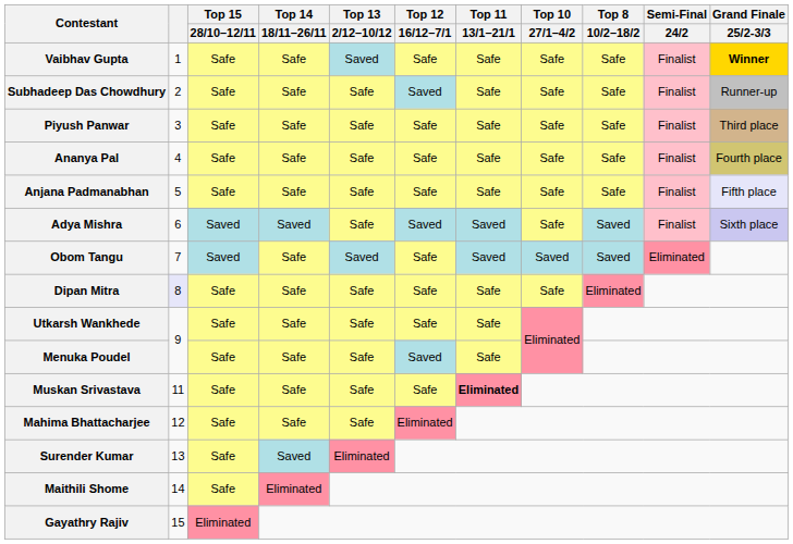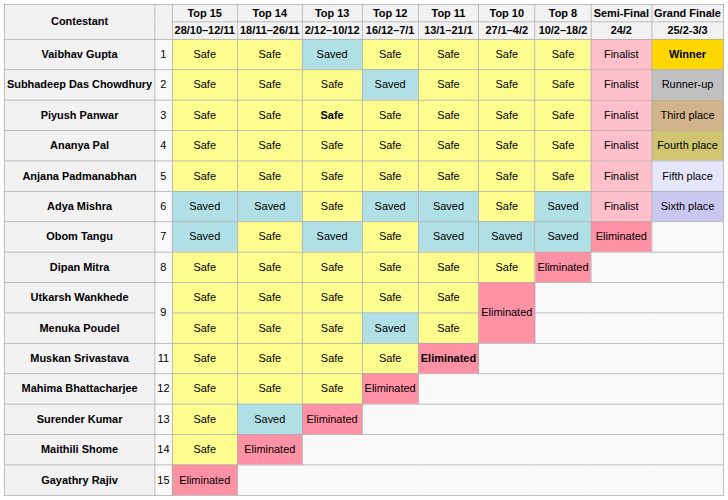 <table class="wikitable" style="text-align:center; font-size:90%;">
 <tr>
 <th rowspan="2" scope="col">Contestant</th>
 <th rowspan="2" scope="col"></th>
 <th scope="col">Top 15</th>
 <th>Top 14</th>
 <th>Top 13</th>
 <th>Top 12</th>
 <th>Top 11</th>
 <th>Top 10</th>
 <th>Top 8</th>
 <th>Semi-Final</th>
 <th>Grand Finale</th>
 </tr>
 <tr>
 <th>28/10–12/11</th>
 <th>18/11–26/11</th>
 <th>2/12–10/12</th>
 <th>16/12–7/1</th>
 <th>13/1–21/1</th>
 <th>27/1–4/2</th>
 <th>10/2–18/2</th>
 <th>24/2</th>
 <th>25/2-3/3</th>
 </tr>
 <tr style="height:40px">
 <th scope="row">Vaibhav Gupta</th>
 <td>1</td>
 <td style="background:#FDFC8F;">Safe</td>
 <td style="background:#FDFC8F;">Safe</td>
 <td style="background:#B0E0E6;">Saved</td>
 <td style="background:#FDFC8F;">Safe</td>
 <td style="background:#FDFC8F;">Safe</td>
 <td style="background:#FDFC8F;">Safe</td>
 <td style="background:#FDFC8F;">Safe</td>
 <td Bgcolor=pink>Finalist</td>
 <td Bgcolor=gold><strong>Winner</strong></td>
 </tr>
 <tr style="height:40px">
 <th scope="row">Subhadeep Das Chowdhury</th>
 <td>2</td>
 <td style="background:#FDFC8F;">Safe</td>
 <td style="background:#FDFC8F;">Safe</td>
 <td style="background:#FDFC8F;">Safe</td>
 <td style="background:#B0E0E6;">Saved</td>
 <td style="background:#FDFC8F;">Safe</td>
 <td style="background:#FDFC8F;">Safe</td>
 <td style="background:#FDFC8F;">Safe</td>
 <td Bgcolor=pink>Finalist</td>
 <td Bgcolor=silver>Runner-up</td>
 </tr>
 <tr style="height:40px">
 <th scope="row">Piyush Panwar</th>
 <td>3</td>
 <td style="background:#FDFC8F;">Safe</td>
 <td style="background:#FDFC8F;">Safe</td>
-<td style="background:#FDFC8F;">Safe</td>
+<td style="background:#FDFC8F;"><strong>Safe</strong></td>
 <td style="background:#FDFC8F;">Safe</td>
 <td style="background:#FDFC8F;">Safe</td>
 <td style="background:#FDFC8F;">Safe</td>
 <td style="background:#FDFC8F;">Safe</td>
 <td Bgcolor=pink>Finalist</td>
 <td Bgcolor=tan>Third place</td>
 </tr>
 <tr style="height:40px">
 <th scope="row">Ananya Pal</th>
 <td>4</td>
 <td style="background:#FDFC8F;">Safe</td>
 <td style="background:#FDFC8F;">Safe</td>
 <td style="background:#FDFC8F;">Safe</td>
 <td style="background:#FDFC8F;">Safe</td>
 <td style="background:#FDFC8F;">Safe</td>
 <td style="background:#FDFC8F;">Safe</td>
 <td style="background:#FDFC8F;">Safe</td>
 <td Bgcolor=pink>Finalist</td>
 <td style="background:#d1c571">Fourth place</td>
 </tr>
 <tr style="height:40px">
 <th scope="row">Anjana Padmanabhan</th>
 <td>5</td>
 <td style="background:#FDFC8F;">Safe</td>
 <td style="background:#FDFC8F;">Safe</td>
 <td style="background:#FDFC8F;">Safe</td>
 <td style="background:#FDFC8F;">Safe</td>
 <td style="background:#FDFC8F;">Safe</td>
 <td style="background:#FDFC8F;">Safe</td>
 <td style="background:#FDFC8F;">Safe</td>
 <td Bgcolor=pink>Finalist</td>
 <td style="background:#E6E6FA">Fifth place</td>
 </tr>
 <tr style="height:40px">
 <th scope="row">Adya Mishra</th>
 <td>6</td>
 <td style="background:#B0E0E6;">Saved</td>
 <td style="background:#B0E0E6;">Saved</td>
 <td style="background:#FDFC8F;">Safe</td>
 <td style="background:#B0E0E6;">Saved</td>
 <td style="background:#B0E0E6;">Saved</td>
 <td style="background:#FDFC8F;">Safe</td>
 <td style="background:#B0E0E6;">Saved</td>
 <td Bgcolor=pink>Finalist</td>
 <td style="background:#cac7f0">Sixth place</td>
 </tr>
 <tr style="height:40px">
 <th scope="row">Obom Tangu</th>
 <td>7</td>
 <td style="background:#B0E0E6;">Saved</td>
 <td style="background:#FDFC8F;">Safe</td>
 <td style="background:#B0E0E6;">Saved</td>
 <td style="background:#FDFC8F;">Safe</td>
 <td style="background:#B0E0E6;">Saved</td>
 <td style="background:#B0E0E6;">Saved</td>
 <td style="background:#B0E0E6;">Saved</td>
 <td style="background:#FF91A4;">Eliminated</td>
 <td></td>
 </tr>
 <tr style="height:40px">
 <th scope="row">Dipan Mitra</th>
-<td style="background: lavender;">8</td>
+<td>8</td>
 <td style="background:#FDFC8F;">Safe</td>
 <td style="background:#FDFC8F;">Safe</td>
 <td style="background:#FDFC8F;">Safe</td>
 <td style="background:#FDFC8F;">Safe</td>
 <td style="background:#FDFC8F;">Safe</td>
 <td style="background:#FDFC8F;">Safe</td>
 <td style="background:#FF91A4;">Eliminated</td>
 <td colspan="2"></td>
 </tr>
 <tr style="height:40px">
 <th scope="row">Utkarsh Wankhede</th>
 <td rowspan="2">9</td>
 <td style="background:#FDFC8F;">Safe</td>
 <td style="background:#FDFC8F;">Safe</td>
 <td style="background:#FDFC8F;">Safe</td>
 <td style="background:#FDFC8F;">Safe</td>
 <td style="background:#FDFC8F;">Safe</td>
 <td rowspan="2" style="background:#FF91A4;">Eliminated</td>
 <td colspan="3"></td>
 </tr>
 <tr style="height:40px">
 <th scope="row">Menuka Poudel</th>
 <td style="background:#FDFC8F;">Safe</td>
 <td style="background:#FDFC8F;">Safe</td>
 <td style="background:#FDFC8F;">Safe</td>
 <td style="background:#B0E0E6;">Saved</td>
 <td style="background:#FDFC8F;">Safe</td>
 <td colspan="3"></td>
 </tr>
 <tr style="height:40px">
 <th scope="row">Muskan Srivastava</th>
 <td>11</td>
 <td style="background:#FDFC8F;">Safe</td>
 <td style="background:#FDFC8F;">Safe</td>
 <td style="background:#FDFC8F;">Safe</td>
 <td style="background:#FDFC8F;">Safe</td>
 <td style="background:#FF91A4;"><strong>Eliminated</strong></td>
 <td colspan="4"></td>
 </tr>
 <tr style="height:40px">
 <th scope="row">Mahima Bhattacharjee</th>
 <td>12</td>
 <td style="background:#FDFC8F;">Safe</td>
 <td style="background:#FDFC8F;">Safe</td>
 <td style="background:#FDFC8F;">Safe</td>
 <td style="background:#FF91A4;">Eliminated</td>
 <td colspan="5"></td>
 </tr>
 <tr style="height:40px">
 <th scope="row">Surender Kumar</th>
 <td>13</td>
 <td style="background:#FDFC8F;">Safe</td>
 <td style="background:#B0E0E6;">Saved</td>
 <td style="background:#FF91A4;">Eliminated</td>
 <td colspan="7"></td>
 </tr>
 <tr style="height:40px">
 <th scope="row">Maithili Shome</th>
 <td>14</td>
 <td style="background:#FDFC8F;">Safe</td>
 <td style="background:#FF91A4;">Eliminated</td>
 <td colspan="8"></td>
 </tr>
 <tr style="height:40px">
 <th scope="row">Gayathry Rajiv</th>
 <td>15</td>
 <td style="background:#FF91A4;">Eliminated</td>
 <td colspan="9"></td>
 </tr>
 </table>
